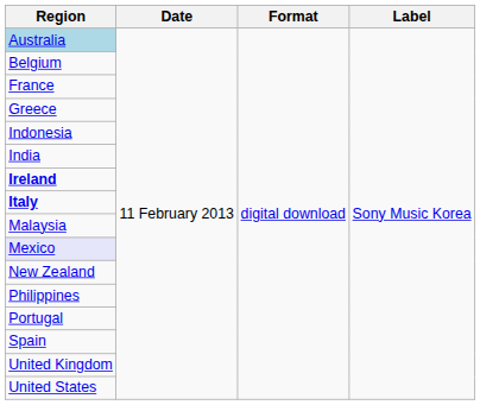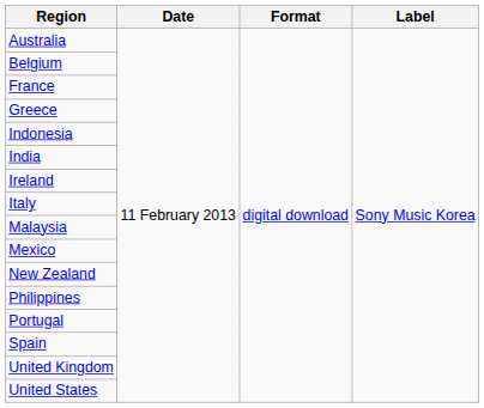 <table class="wikitable">
 <tr>
 <th>Region</th>
 <th>Date</th>
 <th>Format</th>
 <th>Label</th>
 </tr>
 <tr>
-<td style="background: lightblue;"><a href='#'>Australia</a></td>
+<td><a href='#'>Australia</a></td>
 <td rowspan=16>11 February 2013</td>
 <td rowspan=16><a href='#'>digital download</a></td>
 <td rowspan=16><a href='#'>Sony Music Korea</a></td>
 </tr>
 <tr>
 <td><a href='#'>Belgium</a></td>
 </tr>
 <tr>
 <td><a href='#'>France</a></td>
 </tr>
 <tr>
 <td><a href='#'>Greece</a></td>
 </tr>
 <tr>
 <td><a href='#'>Indonesia</a></td>
 </tr>
 <tr>
 <td><a href='#'>India</a></td>
 </tr>
 <tr>
-<td><strong><a href='#'>Ireland</a></strong></td>
+<td><a href='#'>Ireland</a></td>
 </tr>
 <tr>
-<td><strong><a href='#'>Italy</a></strong></td>
+<td><a href='#'>Italy</a></td>
 </tr>
 <tr>
 <td><a href='#'>Malaysia</a></td>
 </tr>
 <tr>
-<td style="background: lavender;"><a href='#'>Mexico</a></td>
+<td><a href='#'>Mexico</a></td>
 </tr>
 <tr>
 <td><a href='#'>New Zealand</a></td>
 </tr>
 <tr>
 <td><a href='#'>Philippines</a></td>
 </tr>
 <tr>
 <td><a href='#'>Portugal</a></td>
 </tr>
 <tr>
 <td><a href='#'>Spain</a></td>
 </tr>
 <tr>
 <td><a href='#'>United Kingdom</a></td>
 </tr>
 <tr>
 <td><a href='#'>United States</a></td>
 </tr>
 </table>
